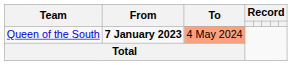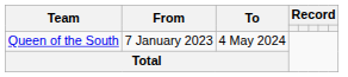 <table class="wikitable" style="text-align: center">
 <tr>
 <th rowspan="2">Team</th>
 <th rowspan="2">From</th>
 <th rowspan="2">To</th>
 <th colspan="5">Record</th>
 </tr>
 <tr>
 <th></th>
 <th></th>
 <th></th>
 <th></th>
 <th></th>
 </tr>
 <tr>
 <td align=left><a href='#'>Queen of the South</a></td>
-<td align=left><strong>7 January 2023</strong></td>
-<td align=left style="background: lightsalmon;">4 May 2024<br></td>
+<td align=left>7 January 2023</td>
+<td align=left>4 May 2024<br></td>
 </tr>
 <tr>
 <th colspan=3>Total<br></th>
 </tr>
 </table>
